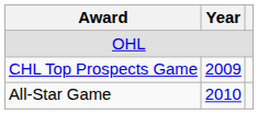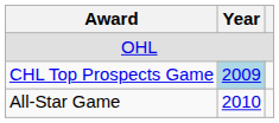 <table class="wikitable">
 <tr>
 <th>Award</th>
 <th>Year</th>
 <th></th>
 </tr>
 <tr ALIGN="center" bgcolor="#e0e0e0">
 <td colspan="3"><a href='#'>OHL</a></td>
 </tr>
 <tr>
 <td><a href='#'>CHL Top Prospects Game</a></td>
-<td><a href='#'>2009</a></td>
+<td style="background: lightblue;"><a href='#'>2009</a></td>
 <td></td>
 </tr>
 <tr>
 <td>All-Star Game</td>
 <td><a href='#'>2010</a></td>
 <td></td>
 </tr>
 </table>
